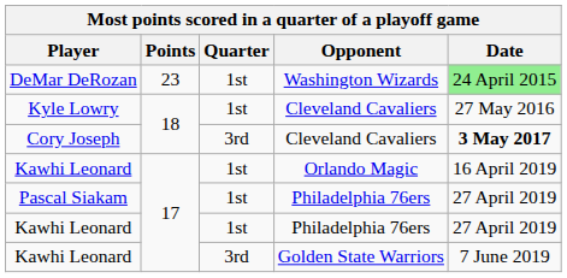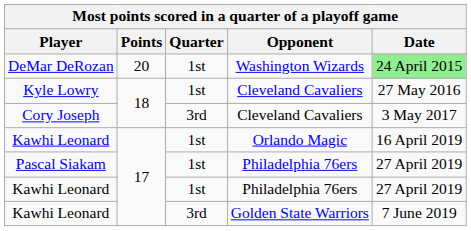 <table class="wikitable" style="text-align:center">
 <tr>
 <th colspan="5">Most points scored in a quarter of a playoff game</th>
 </tr>
 <tr>
 <th>Player</th>
 <th>Points</th>
 <th>Quarter</th>
 <th>Opponent</th>
 <th>Date</th>
 </tr>
 <tr>
 <td><a href='#'>DeMar DeRozan</a></td>
-<td>23</td>
+<td>20</td>
 <td>1st</td>
 <td><a href='#'>Washington Wizards</a></td>
 <td style="background: lightgreen;">24 April 2015</td>
 </tr>
 <tr>
 <td><a href='#'>Kyle Lowry</a></td>
 <td rowspan=2>18</td>
 <td>1st</td>
 <td><a href='#'>Cleveland Cavaliers</a></td>
 <td>27 May 2016</td>
 </tr>
 <tr>
 <td><a href='#'>Cory Joseph</a></td>
 <td>3rd</td>
 <td>Cleveland Cavaliers</td>
-<td><strong>3 May 2017</strong></td>
+<td>3 May 2017</td>
 </tr>
 <tr>
 <td><a href='#'>Kawhi Leonard</a></td>
 <td rowspan=4>17</td>
 <td>1st</td>
 <td><a href='#'>Orlando Magic</a></td>
 <td>16 April 2019</td>
 </tr>
 <tr>
 <td><a href='#'>Pascal Siakam</a></td>
 <td>1st</td>
 <td><a href='#'>Philadelphia 76ers</a></td>
 <td>27 April 2019</td>
 </tr>
 <tr>
 <td>Kawhi Leonard</td>
 <td>1st</td>
 <td>Philadelphia 76ers</td>
 <td>27 April 2019</td>
 </tr>
 <tr>
 <td>Kawhi Leonard</td>
 <td>3rd</td>
 <td><a href='#'>Golden State Warriors</a></td>
 <td>7 June 2019</td>
 </tr>
 </table>
